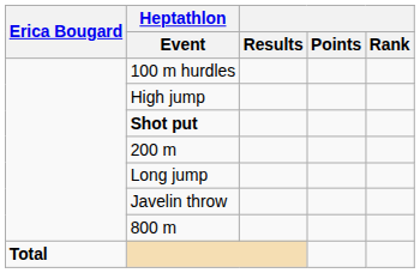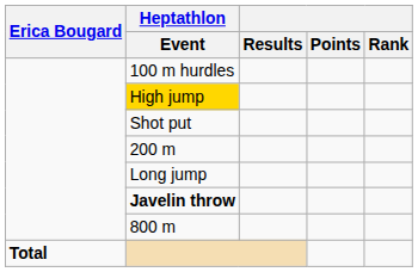 <table class=wikitable style="font-size:90%;">
 <tr>
 <th rowspan="2"><a href='#'>Erica Bougard</a></th>
 <th><a href='#'>Heptathlon</a></th>
 <th colspan="3"></th>
 </tr>
 <tr>
 <th>Event</th>
 <th>Results</th>
 <th>Points</th>
 <th>Rank</th>
 </tr>
 <tr style="border-top: single;">
 <td rowspan="7"></td>
 <td>100 m hurdles</td>
 <td align=center></td>
 <td align=center></td>
 <td align=center></td>
 </tr>
 <tr>
-<td>High jump</td>
+<td style="background: gold;">High jump</td>
 <td align=center></td>
 <td align=center></td>
 <td align=center></td>
 </tr>
 <tr>
-<td><strong>Shot put</strong></td>
+<td>Shot put</td>
 <td align=center></td>
 <td align=center></td>
 <td align=center></td>
 </tr>
 <tr>
 <td>200 m</td>
 <td align=center></td>
 <td align=center></td>
 <td align=center></td>
 </tr>
 <tr>
 <td>Long jump</td>
 <td align=center></td>
 <td align=center></td>
 <td align=center></td>
 </tr>
 <tr>
-<td>Javelin throw</td>
+<td><strong>Javelin throw</strong></td>
 <td align=center></td>
 <td align=center></td>
 <td align=center></td>
 </tr>
 <tr>
 <td>800 m</td>
 <td align=center></td>
 <td align=center></td>
 <td align=center></td>
 </tr>
 <tr style="border-top: single;">
 <td><strong>Total</strong></td>
 <td colspan="2" style="background:wheat;"></td>
 <td align=center></td>
 <td align=center></td>
 </tr>
 </table>
